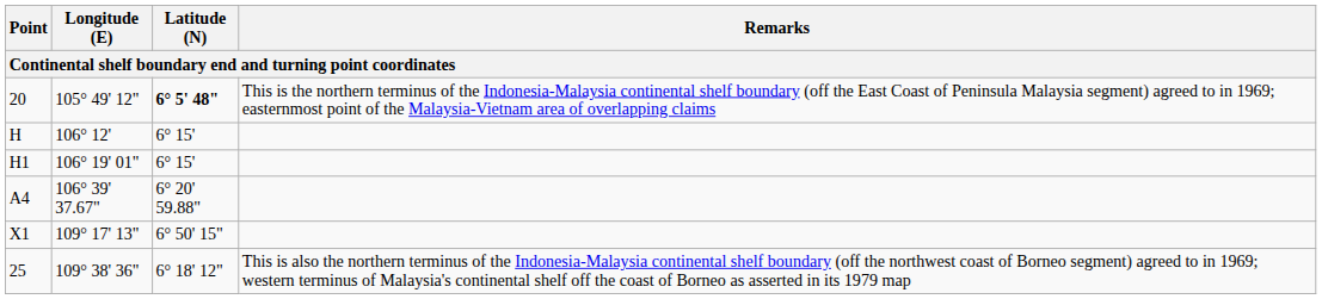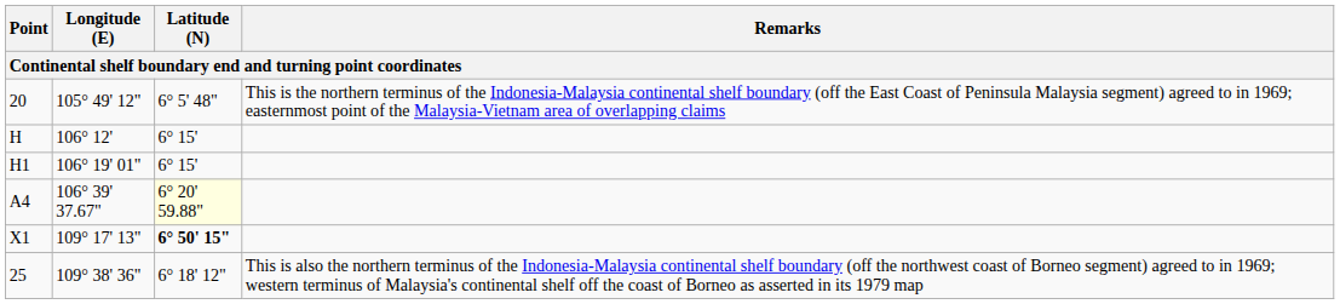 <table class="wikitable">
 <tr>
 <th>Point</th>
 <th>Longitude (E)</th>
 <th>Latitude (N)</th>
 <th>Remarks</th>
 </tr>
 <tr>
 <th colspan="5" style="text-align:left">Continental shelf boundary end and turning point coordinates</th>
 </tr>
 <tr>
 <td>20</td>
 <td>105° 49' 12"</td>
-<td><strong>6° 5' 48"</strong></td>
+<td>6° 5' 48"</td>
 <td>This is the northern terminus of the <a href='#'>Indonesia-Malaysia continental shelf boundary</a> (off the East Coast of Peninsula Malaysia segment) agreed to in 1969; easternmost point of the <a href='#'>Malaysia-Vietnam area of overlapping claims</a></td>
 </tr>
 <tr>
 <td>H</td>
 <td>106° 12'</td>
 <td>6° 15'</td>
 <td></td>
 </tr>
 <tr>
 <td>H1</td>
 <td>106° 19' 01"</td>
 <td>6° 15'</td>
 <td></td>
 </tr>
 <tr>
 <td>A4</td>
 <td>106° 39' 37.67"</td>
-<td>6° 20' 59.88"</td>
+<td style="background: lightyellow;">6° 20' 59.88"</td>
 <td></td>
 </tr>
 <tr>
 <td>X1</td>
 <td>109° 17' 13"</td>
-<td>6° 50' 15"</td>
+<td><strong>6° 50' 15"</strong></td>
 <td></td>
 </tr>
 <tr>
 <td>25</td>
 <td>109° 38' 36"</td>
 <td>6° 18' 12"</td>
 <td>This is also the northern terminus of the <a href='#'>Indonesia-Malaysia continental shelf boundary</a> (off the northwest coast of Borneo segment) agreed to in 1969; western terminus of Malaysia's continental shelf off the coast of Borneo as asserted in its 1979 map</td>
 </tr>
 </table>
